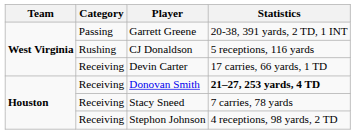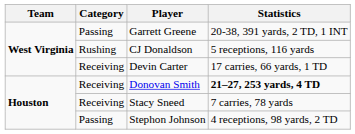 <table class="wikitable" style="float: right;">
 <tr>
 <th>Team</th>
 <th>Category</th>
 <th>Player</th>
 <th>Statistics</th>
 </tr>
 <tr>
 <td rowspan=3><strong>West Virginia</strong></td>
 <td>Passing</td>
 <td>Garrett Greene</td>
 <td>20-38, 391 yards, 2 TD, 1 INT</td>
 </tr>
 <tr>
 <td>Rushing</td>
 <td>CJ Donaldson</td>
 <td>5 receptions, 116 yards</td>
 </tr>
 <tr>
 <td>Receiving</td>
 <td>Devin Carter</td>
 <td>17 carries, 66 yards, 1 TD</td>
 </tr>
 <tr>
 <td rowspan=3><strong>Houston</strong></td>
 <td>Receiving</td>
 <td><a href='#'>Donovan Smith</a></td>
 <td><strong>21–27, 253 yards, 4 TD</strong></td>
 </tr>
 <tr>
 <td>Receiving</td>
 <td>Stacy Sneed</td>
 <td>7 carries, 78 yards</td>
 </tr>
 <tr>
-<td>Receiving</td>
+<td>Passing</td>
 <td>Stephon Johnson</td>
 <td>4 receptions, 98 yards, 2 TD</td>
 </tr>
 </table>
